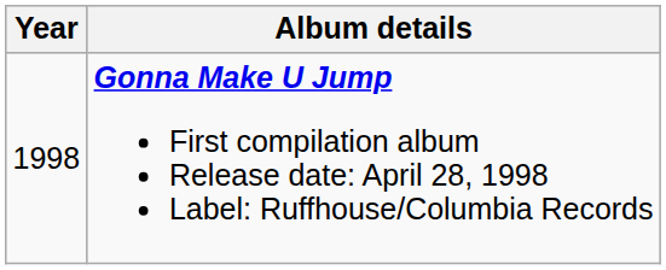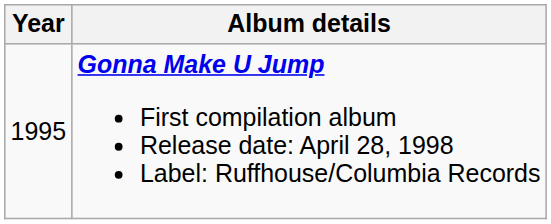 <table class="wikitable" style="text-align:center;">
 <tr>
 <th>Year</th>
 <th>Album details</th>
 </tr>
 <tr>
-<td>1998</td>
+<td>1995</td>
 <td style="text-align:left;"><strong><em><a href='#'>Gonna Make U Jump</a></em></strong><br><ul><li>First compilation album</li><li>Release date: April 28, 1998</li><li>Label: Ruffhouse/Columbia Records</li></ul></td>
 </tr>
 </table>
